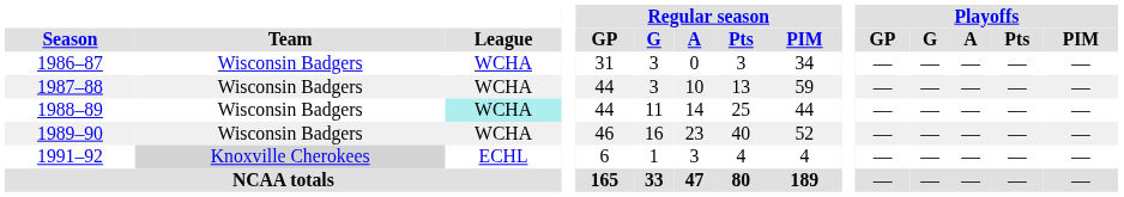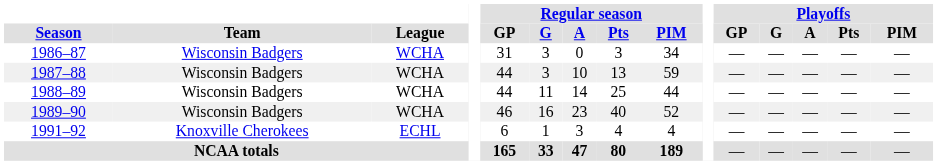 <table BORDER="0" CELLPADDING="1" CELLSPACING="0" width="75%" style="text-align:center">
 <tr bgcolor="#e0e0e0">
 <th colspan="3" bgcolor="#ffffff"> </th>
 <th rowspan="99" bgcolor="#ffffff"> </th>
 <th colspan="5"><a href='#'>Regular season</a></th>
 <th rowspan="99" bgcolor="#ffffff"> </th>
 <th colspan="5"><a href='#'>Playoffs</a></th>
 </tr>
 <tr bgcolor="#e0e0e0">
 <th><a href='#'>Season</a></th>
 <th>Team</th>
 <th>League</th>
 <th>GP</th>
 <th><a href='#'>G</a></th>
 <th><a href='#'>A</a></th>
 <th><a href='#'>Pts</a></th>
 <th><a href='#'>PIM</a></th>
 <th>GP</th>
 <th>G</th>
 <th>A</th>
 <th>Pts</th>
 <th>PIM</th>
 </tr>
 <tr ALIGN="center">
 <td><a href='#'>1986–87</a></td>
 <td><a href='#'>Wisconsin Badgers</a></td>
 <td><a href='#'>WCHA</a></td>
 <td>31</td>
 <td>3</td>
 <td>0</td>
 <td>3</td>
 <td>34</td>
 <td>—</td>
 <td>—</td>
 <td>—</td>
 <td>—</td>
 <td>—</td>
 </tr>
 <tr ALIGN="center" bgcolor="#f0f0f0">
 <td><a href='#'>1987–88</a></td>
 <td>Wisconsin Badgers</td>
 <td>WCHA</td>
 <td>44</td>
 <td>3</td>
 <td>10</td>
 <td>13</td>
 <td>59</td>
 <td>—</td>
 <td>—</td>
 <td>—</td>
 <td>—</td>
 <td>—</td>
 </tr>
 <tr ALIGN="center">
 <td><a href='#'>1988–89</a></td>
 <td>Wisconsin Badgers</td>
-<td style="background: paleturquoise;">WCHA</td>
+<td>WCHA</td>
 <td>44</td>
 <td>11</td>
 <td>14</td>
 <td>25</td>
 <td>44</td>
 <td>—</td>
 <td>—</td>
 <td>—</td>
 <td>—</td>
 <td>—</td>
 </tr>
 <tr ALIGN="center" bgcolor="#f0f0f0">
 <td><a href='#'>1989–90</a></td>
 <td>Wisconsin Badgers</td>
 <td>WCHA</td>
 <td>46</td>
 <td>16</td>
 <td>23</td>
 <td>40</td>
 <td>52</td>
 <td>—</td>
 <td>—</td>
 <td>—</td>
 <td>—</td>
 <td>—</td>
 </tr>
 <tr ALIGN="center">
 <td><a href='#'>1991–92</a></td>
-<td style="background: lightgrey;"><a href='#'>Knoxville Cherokees</a></td>
+<td><a href='#'>Knoxville Cherokees</a></td>
 <td><a href='#'>ECHL</a></td>
 <td>6</td>
 <td>1</td>
 <td>3</td>
 <td>4</td>
 <td>4</td>
 <td>—</td>
 <td>—</td>
 <td>—</td>
 <td>—</td>
 <td>—</td>
 </tr>
 <tr ALIGN="center" bgcolor="#e0e0e0">
 <th colspan="3">NCAA totals</th>
 <th ALIGN="center">165</th>
 <th ALIGN="center">33</th>
 <th ALIGN="center">47</th>
 <th ALIGN="center">80</th>
 <th ALIGN="center">189</th>
 <td>—</td>
 <td>—</td>
 <td>—</td>
 <td>—</td>
 <td>—</td>
 </tr>
 </table>
